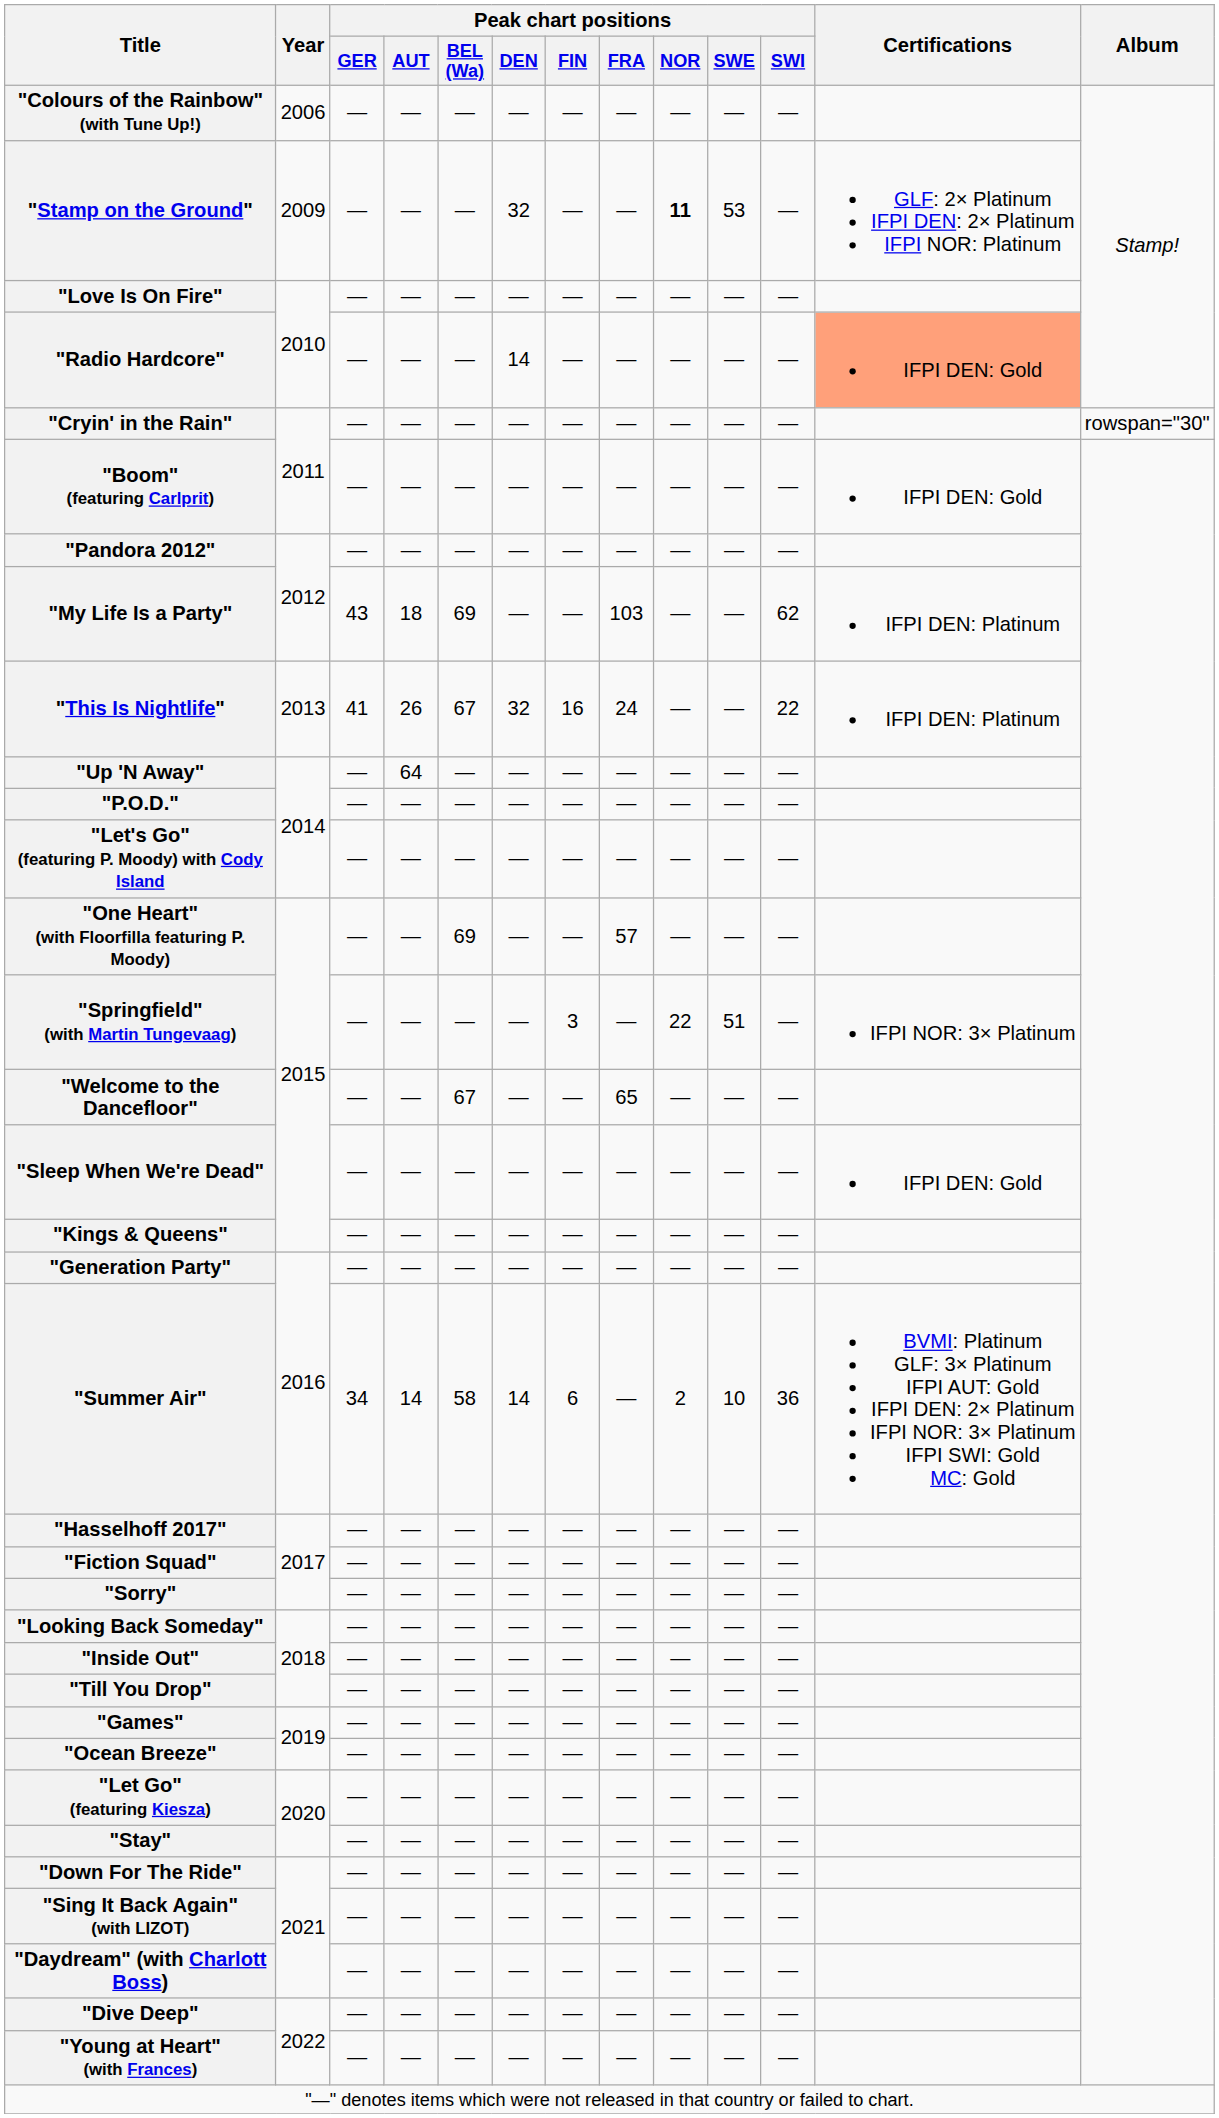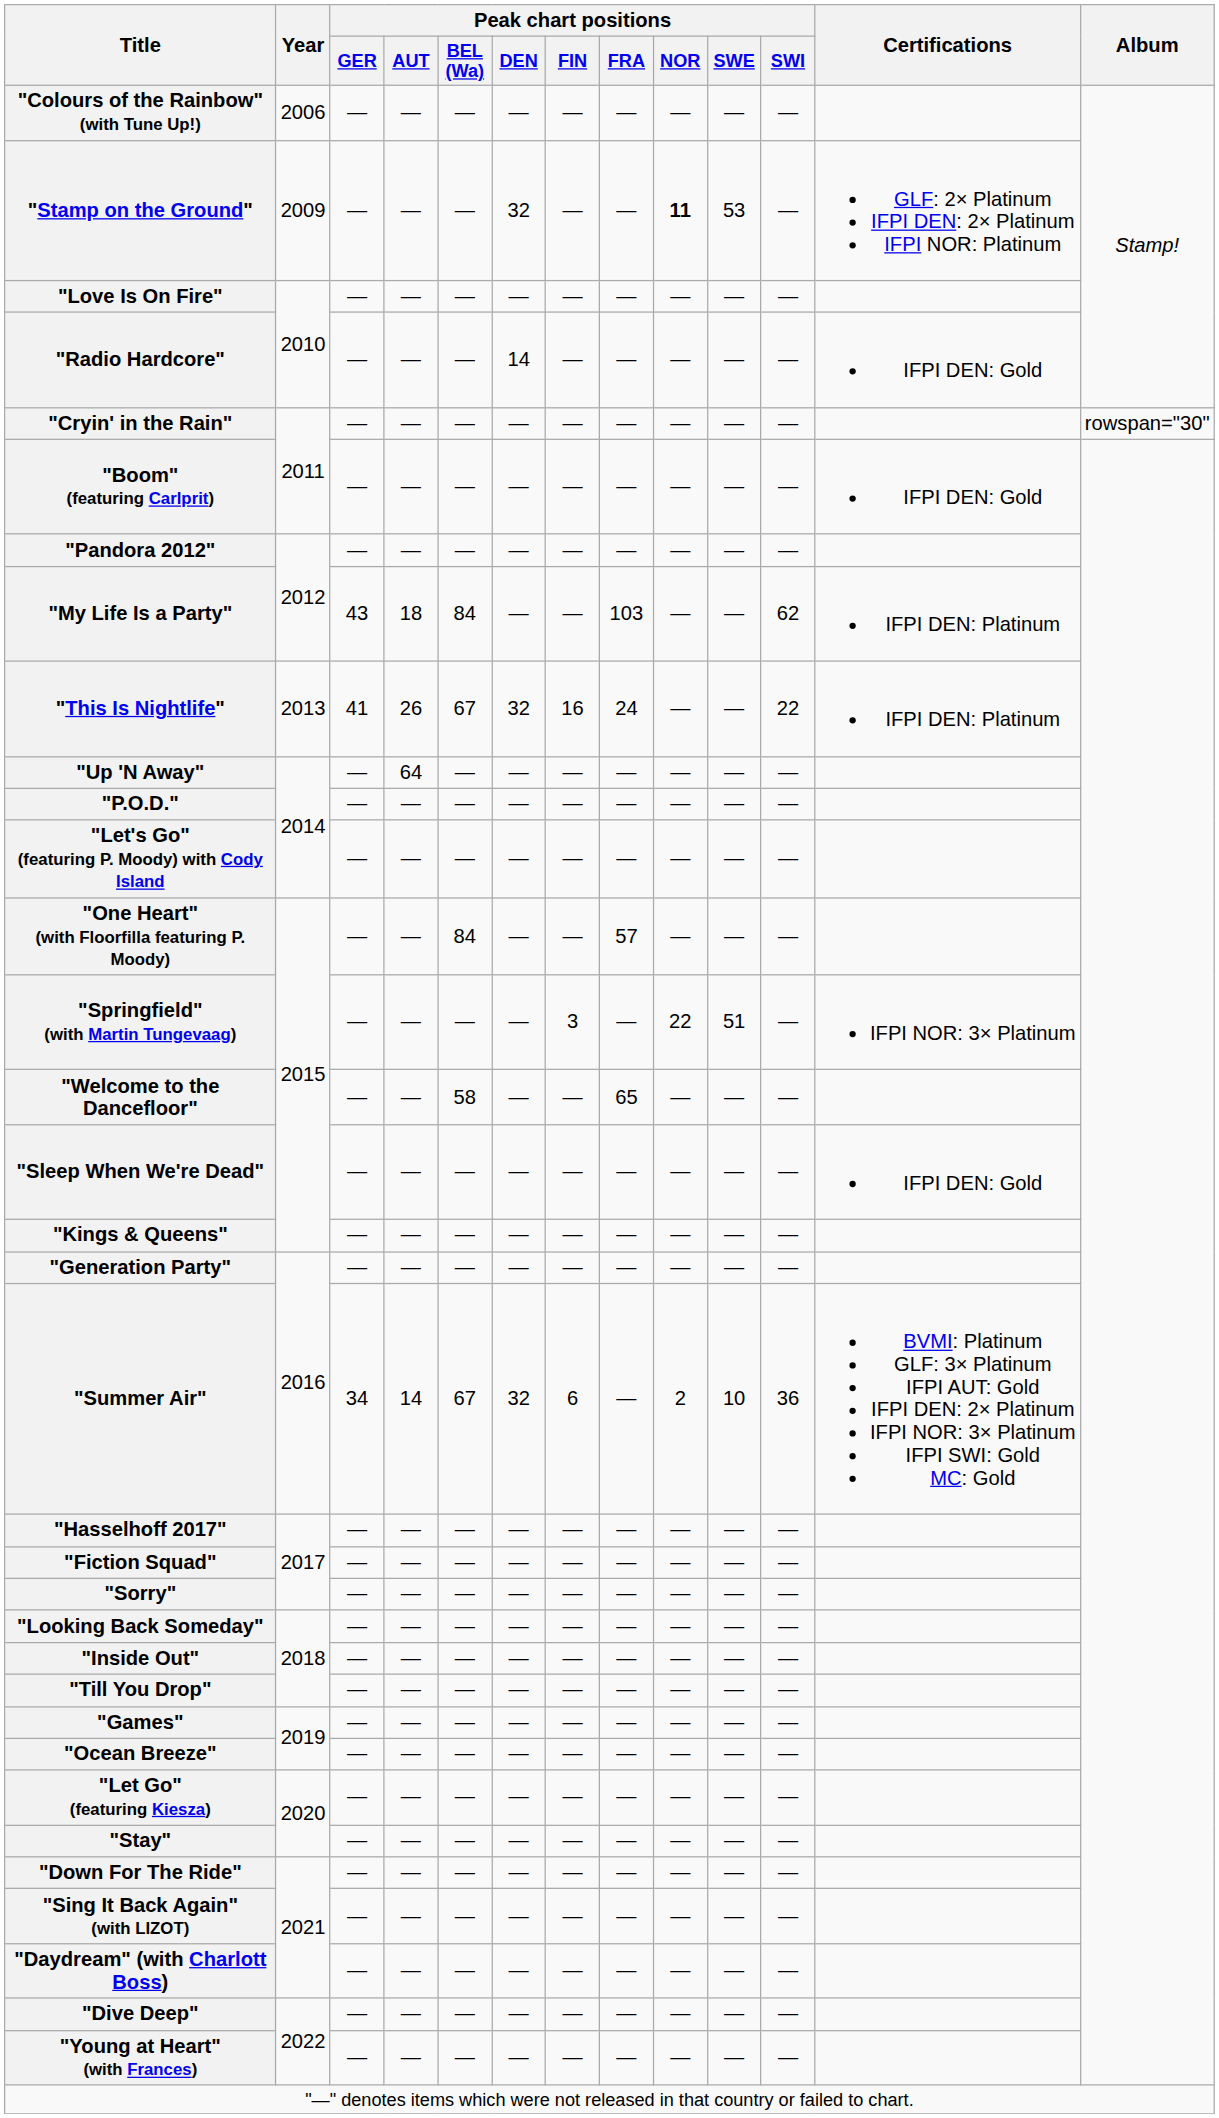 <table class="wikitable plainrowheaders" style="text-align:center;">
 <tr>
 <th scope="col" rowspan="2" style="width:13em;">Title</th>
 <th scope="col" rowspan="2">Year</th>
 <th scope="col" colspan="9">Peak chart positions</th>
 <th scope="col" rowspan="2">Certifications</th>
 <th scope="col" rowspan="2">Album</th>
 </tr>
 <tr>
 <th scope="col" style="width:2.5em;font-size:90%;"><a href='#'>GER</a><br></th>
 <th scope="col" style="width:2.5em;font-size:90%;"><a href='#'>AUT</a><br></th>
 <th scope="col" style="width:2.5em;font-size:90%;"><a href='#'>BEL<br>(Wa)</a><br></th>
 <th scope="col" style="width:2.5em;font-size:90%;"><a href='#'>DEN</a><br></th>
 <th scope="col" style="width:2.5em;font-size:90%;"><a href='#'>FIN</a><br></th>
 <th scope="col" style="width:2.5em;font-size:90%;"><a href='#'>FRA</a><br></th>
 <th scope="col" style="width:2.5em;font-size:90%;"><a href='#'>NOR</a><br></th>
 <th scope="col" style="width:2.5em;font-size:90%;"><a href='#'>SWE</a><br></th>
 <th scope="col" style="width:2.5em;font-size:90%;"><a href='#'>SWI</a><br></th>
 </tr>
 <tr>
 <th scope="row">"Colours of the Rainbow"<br><small>(with Tune Up!)</small></th>
 <td>2006</td>
 <td>—</td>
 <td>—</td>
 <td>—</td>
 <td>—</td>
 <td>—</td>
 <td>—</td>
 <td>—</td>
 <td>—</td>
 <td>—</td>
 <td></td>
 <td rowspan="4"><em>Stamp!</em></td>
 </tr>
 <tr>
 <th scope="row">"<a href='#'>Stamp on the Ground</a>"</th>
 <td>2009</td>
 <td>—</td>
 <td>—</td>
 <td>—</td>
 <td>32</td>
 <td>—</td>
 <td>—</td>
 <td><strong>11</strong></td>
 <td>53</td>
 <td>—</td>
 <td><br><ul><li><a href='#'>GLF</a>: 2× Platinum</li><li><a href='#'>IFPI DEN</a>: 2× Platinum</li><li><a href='#'>IFPI</a> NOR: Platinum</li></ul></td>
 </tr>
 <tr>
 <th scope="row">"Love Is On Fire"</th>
 <td rowspan="2">2010</td>
 <td>—</td>
 <td>—</td>
 <td>—</td>
 <td>—</td>
 <td>—</td>
 <td>—</td>
 <td>—</td>
 <td>—</td>
 <td>—</td>
 <td></td>
 </tr>
 <tr>
 <th scope="row">"Radio Hardcore"</th>
 <td>—</td>
 <td>—</td>
 <td>—</td>
 <td>14</td>
 <td>—</td>
 <td>—</td>
 <td>—</td>
 <td>—</td>
 <td>—</td>
-<td style="background: lightsalmon;"><br><ul><li>IFPI DEN: Gold</li></ul></td>
+<td><br><ul><li>IFPI DEN: Gold</li></ul></td>
 </tr>
 <tr>
 <th scope="row">"Cryin' in the Rain"</th>
 <td rowspan="2">2011</td>
 <td>—</td>
 <td>—</td>
 <td>—</td>
 <td>—</td>
 <td>—</td>
 <td>—</td>
 <td>—</td>
 <td>—</td>
 <td>—</td>
 <td></td>
 <td>rowspan="30" </td>
 </tr>
 <tr>
 <th scope="row">"Boom"<br><small>(featuring <a href='#'>Carlprit</a>)</small></th>
 <td>—</td>
 <td>—</td>
 <td>—</td>
 <td>—</td>
 <td>—</td>
 <td>—</td>
 <td>—</td>
 <td>—</td>
 <td>—</td>
 <td><br><ul><li>IFPI DEN: Gold</li></ul></td>
 </tr>
 <tr>
 <th scope="row">"Pandora 2012"</th>
 <td rowspan="2">2012</td>
 <td>—</td>
 <td>—</td>
 <td>—</td>
 <td>—</td>
 <td>—</td>
 <td>—</td>
 <td>—</td>
 <td>—</td>
 <td>—</td>
 <td></td>
 </tr>
 <tr>
 <th scope="row">"My Life Is a Party"</th>
 <td>43</td>
 <td>18</td>
-<td>69</td>
+<td>84</td>
 <td>—</td>
 <td>—</td>
 <td>103</td>
 <td>—</td>
 <td>—</td>
 <td>62</td>
 <td><br><ul><li>IFPI DEN: Platinum</li></ul></td>
 </tr>
 <tr>
 <th scope="row">"<a href='#'>This Is Nightlife</a>"</th>
 <td>2013</td>
 <td>41</td>
 <td>26</td>
 <td>67</td>
 <td>32</td>
 <td>16</td>
 <td>24</td>
 <td>—</td>
 <td>—</td>
 <td>22</td>
 <td><br><ul><li>IFPI DEN: Platinum</li></ul></td>
 </tr>
 <tr>
 <th scope="row">"Up 'N Away"</th>
 <td rowspan="3">2014</td>
 <td>—</td>
 <td>64</td>
 <td>—</td>
 <td>—</td>
 <td>—</td>
 <td>—</td>
 <td>—</td>
 <td>—</td>
 <td>—</td>
 <td></td>
 </tr>
 <tr>
 <th scope="row">"P.O.D."</th>
 <td>—</td>
 <td>—</td>
 <td>—</td>
 <td>—</td>
 <td>—</td>
 <td>—</td>
 <td>—</td>
 <td>—</td>
 <td>—</td>
 <td></td>
 </tr>
 <tr>
 <th scope="row">"Let's Go"<br><small>(featuring P. Moody) with <a href='#'>Cody Island</a></small></th>
 <td>—</td>
 <td>—</td>
 <td>—</td>
 <td>—</td>
 <td>—</td>
 <td>—</td>
 <td>—</td>
 <td>—</td>
 <td>—</td>
 <td></td>
 </tr>
 <tr>
 <th scope="row">"One Heart"<br><small>(with Floorfilla featuring P. Moody)</small></th>
 <td rowspan="5">2015</td>
 <td>—</td>
 <td>—</td>
-<td>69</td>
+<td>84</td>
 <td>—</td>
 <td>—</td>
 <td>57</td>
 <td>—</td>
 <td>—</td>
 <td>—</td>
 <td></td>
 </tr>
 <tr>
 <th scope="row">"Springfield"<br><small>(with <a href='#'>Martin Tungevaag</a>)</small></th>
 <td>—</td>
 <td>—</td>
 <td>—</td>
 <td>—</td>
 <td>3</td>
 <td>—</td>
 <td>22</td>
 <td>51</td>
 <td>—</td>
 <td><br><ul><li>IFPI NOR: 3× Platinum</li></ul></td>
 </tr>
 <tr>
 <th scope="row">"Welcome to the Dancefloor"</th>
 <td>—</td>
 <td>—</td>
-<td>67</td>
+<td>58</td>
 <td>—</td>
 <td>—</td>
 <td>65</td>
 <td>—</td>
 <td>—</td>
 <td>—</td>
 <td></td>
 </tr>
 <tr>
 <th scope="row">"Sleep When We're Dead"</th>
 <td>—</td>
 <td>—</td>
 <td>—</td>
 <td>—</td>
 <td>—</td>
 <td>—</td>
 <td>—</td>
 <td>—</td>
 <td>—</td>
 <td><br><ul><li>IFPI DEN: Gold</li></ul></td>
 </tr>
 <tr>
 <th scope="row">"Kings & Queens"</th>
 <td>—</td>
 <td>—</td>
 <td>—</td>
 <td>—</td>
 <td>—</td>
 <td>—</td>
 <td>—</td>
 <td>—</td>
 <td>—</td>
 <td></td>
 </tr>
 <tr>
 <th scope="row">"Generation Party"</th>
 <td rowspan="2">2016</td>
 <td>—</td>
 <td>—</td>
 <td>—</td>
 <td>—</td>
 <td>—</td>
 <td>—</td>
 <td>—</td>
 <td>—</td>
 <td>—</td>
 <td></td>
 </tr>
 <tr>
 <th scope="row">"Summer Air"</th>
 <td>34</td>
 <td>14</td>
-<td>58</td>
-<td>14</td>
+<td>67</td>
+<td>32</td>
 <td>6</td>
 <td>—</td>
 <td>2</td>
 <td>10<br></td>
 <td>36</td>
 <td><br><ul><li><a href='#'>BVMI</a>: Platinum</li><li>GLF: 3× Platinum</li><li>IFPI AUT: Gold</li><li>IFPI DEN: 2× Platinum</li><li>IFPI NOR: 3× Platinum</li><li>IFPI SWI: Gold</li><li><a href='#'>MC</a>: Gold</li></ul></td>
 </tr>
 <tr>
 <th scope="row">"Hasselhoff 2017"</th>
 <td rowspan="3">2017</td>
 <td>—</td>
 <td>—</td>
 <td>—</td>
 <td>—</td>
 <td>—</td>
 <td>—</td>
 <td>—</td>
 <td>—</td>
 <td>—</td>
 <td></td>
 </tr>
 <tr>
 <th scope="row">"Fiction Squad"</th>
 <td>—</td>
 <td>—</td>
 <td>—</td>
 <td>—</td>
 <td>—</td>
 <td>—</td>
 <td>—</td>
 <td>—</td>
 <td>—</td>
 <td></td>
 </tr>
 <tr>
 <th scope="row">"Sorry"</th>
 <td>—</td>
 <td>—</td>
 <td>—</td>
 <td>—</td>
 <td>—</td>
 <td>—</td>
 <td>—</td>
 <td>—</td>
 <td>—</td>
 <td></td>
 </tr>
 <tr>
 <th scope="row">"Looking Back Someday"</th>
 <td rowspan="3">2018</td>
 <td>—</td>
 <td>—</td>
 <td>—</td>
 <td>—</td>
 <td>—</td>
 <td>—</td>
 <td>—</td>
 <td>—</td>
 <td>—</td>
 <td></td>
 </tr>
 <tr>
 <th scope="row">"Inside Out"</th>
 <td>—</td>
 <td>—</td>
 <td>—</td>
 <td>—</td>
 <td>—</td>
 <td>—</td>
 <td>—</td>
 <td>—</td>
 <td>—</td>
 <td></td>
 </tr>
 <tr>
 <th scope="row">"Till You Drop"</th>
 <td>—</td>
 <td>—</td>
 <td>—</td>
 <td>—</td>
 <td>—</td>
 <td>—</td>
 <td>—</td>
 <td>—</td>
 <td>—</td>
 <td></td>
 </tr>
 <tr>
 <th scope="row">"Games"</th>
 <td rowspan="2">2019</td>
 <td>—</td>
 <td>—</td>
 <td>—</td>
 <td>—</td>
 <td>—</td>
 <td>—</td>
 <td>—</td>
 <td>—</td>
 <td>—</td>
 <td></td>
 </tr>
 <tr>
 <th scope="row">"Ocean Breeze"</th>
 <td>—</td>
 <td>—</td>
 <td>—</td>
 <td>—</td>
 <td>—</td>
 <td>—</td>
 <td>—</td>
 <td>—</td>
 <td>—</td>
 <td></td>
 </tr>
 <tr>
 <th scope="row">"Let Go"<br><small>(featuring <a href='#'>Kiesza</a>)</small></th>
 <td rowspan="2">2020</td>
 <td>—</td>
 <td>—</td>
 <td>—</td>
 <td>—</td>
 <td>—</td>
 <td>—</td>
 <td>—</td>
 <td>—</td>
 <td>—</td>
 <td></td>
 </tr>
 <tr>
 <th scope="row">"Stay"</th>
 <td>—</td>
 <td>—</td>
 <td>—</td>
 <td>—</td>
 <td>—</td>
 <td>—</td>
 <td>—</td>
 <td>—</td>
 <td>—</td>
 <td></td>
 </tr>
 <tr>
 <th scope="row">"Down For The Ride"</th>
 <td rowspan="3">2021</td>
 <td>—</td>
 <td>—</td>
 <td>—</td>
 <td>—</td>
 <td>—</td>
 <td>—</td>
 <td>—</td>
 <td>—</td>
 <td>—</td>
 <td></td>
 </tr>
 <tr>
 <th scope="row">"Sing It Back Again"<br><small>(with LIZOT)</small></th>
 <td>—</td>
 <td>—</td>
 <td>—</td>
 <td>—</td>
 <td>—</td>
 <td>—</td>
 <td>—</td>
 <td>—</td>
 <td>—</td>
 <td></td>
 </tr>
 <tr>
 <th scope="row">"Daydream" (with <a href='#'>Charlott Boss</a>)</th>
 <td>—</td>
 <td>—</td>
 <td>—</td>
 <td>—</td>
 <td>—</td>
 <td>—</td>
 <td>—</td>
 <td>—</td>
 <td>—</td>
 <td></td>
 </tr>
 <tr>
 <th scope="row">"Dive Deep"</th>
 <td rowspan="2">2022</td>
 <td>—</td>
 <td>—</td>
 <td>—</td>
 <td>—</td>
 <td>—</td>
 <td>—</td>
 <td>—</td>
 <td>—</td>
 <td>—</td>
 <td></td>
 </tr>
 <tr>
 <th scope="row">"Young at Heart"<br><small>(with <a href='#'>Frances</a>)</small></th>
 <td>—</td>
 <td>—</td>
 <td>—</td>
 <td>—</td>
 <td>—</td>
 <td>—</td>
 <td>—</td>
 <td>—</td>
 <td>—</td>
 <td></td>
 </tr>
 <tr>
 <td colspan="13" style="font-size:90%">"—" denotes items which were not released in that country or failed to chart.</td>
 </tr>
 </table>
